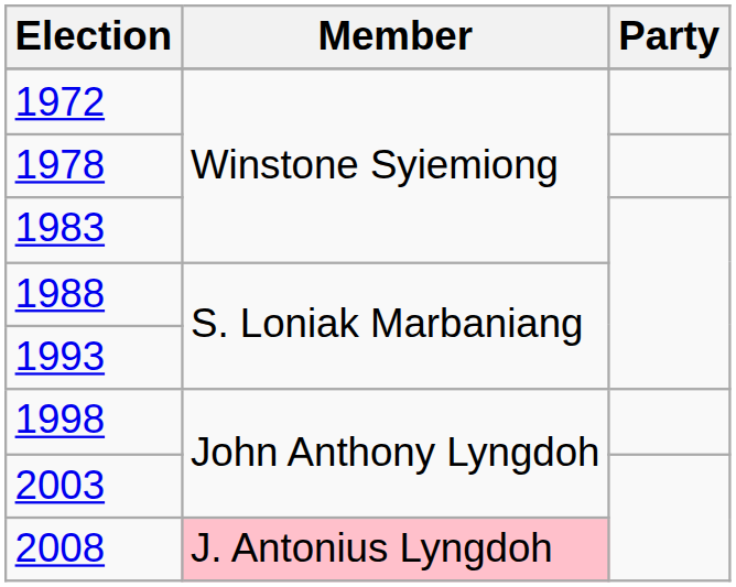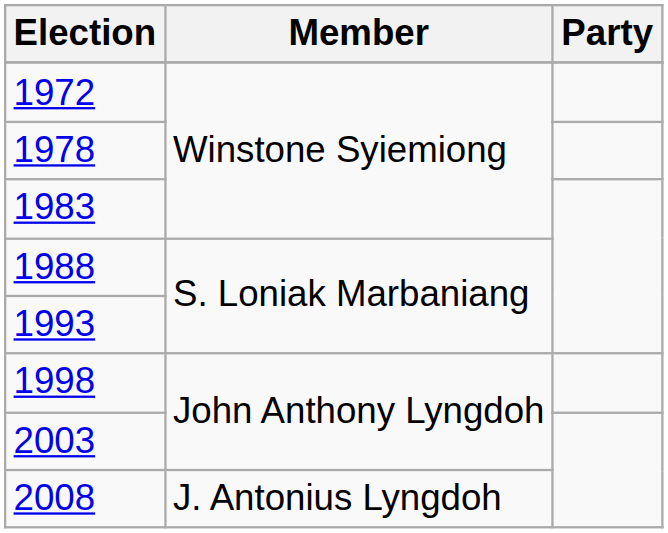 <table class="wikitable sortable">
 <tr>
 <th>Election</th>
 <th>Member</th>
 <th colspan=2>Party</th>
 </tr>
 <tr>
 </tr>
 <tr>
 </tr>
 <tr>
 </tr>
 <tr>
 </tr>
 <tr>
 <td><a href='#'>1972</a></td>
 <td rowspan=3>Winstone Syiemiong</td>
 <td></td>
 </tr>
 <tr>
 <td><a href='#'>1978</a></td>
 <td></td>
 </tr>
 <tr>
 <td><a href='#'>1983</a></td>
 </tr>
 <tr>
 <td><a href='#'>1988</a></td>
 <td rowspan=2>S. Loniak Marbaniang</td>
 </tr>
 <tr>
 <td><a href='#'>1993</a></td>
 </tr>
 <tr>
 <td><a href='#'>1998</a></td>
 <td rowspan=2>John Anthony Lyngdoh</td>
 <td></td>
 </tr>
 <tr>
 <td><a href='#'>2003</a></td>
 </tr>
 <tr>
 <td><a href='#'>2008</a></td>
-<td style="background: pink;">J. Antonius Lyngdoh</td>
+<td>J. Antonius Lyngdoh</td>
 </tr>
 </table>
